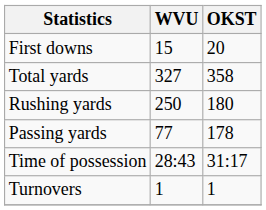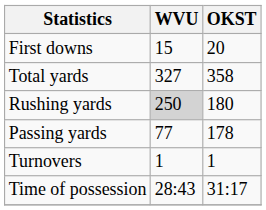 <table class="wikitable" style="float: left;">
 <tr>
 <th>Statistics</th>
 <th>WVU</th>
 <th>OKST</th>
 </tr>
 <tr>
 <td>First downs</td>
 <td>15</td>
 <td>20</td>
 </tr>
 <tr>
 <td>Total yards</td>
 <td>327</td>
 <td>358</td>
 </tr>
 <tr>
 <td>Rushing yards</td>
-<td>250</td>
+<td style="background: lightgrey;">250</td>
 <td>180</td>
 </tr>
 <tr>
 <td>Passing yards</td>
 <td>77</td>
 <td>178</td>
 </tr>
 <tr>
+<td>Turnovers</td>
+<td>1</td>
+<td>1</td>
+</tr>
+<tr>
 <td>Time of possession</td>
 <td>28:43</td>
 <td>31:17</td>
 </tr>
 <tr>
-<td>Turnovers</td>
-<td>1</td>
-<td>1</td>
-</tr>
-<tr>
 </tr>
 </table>
